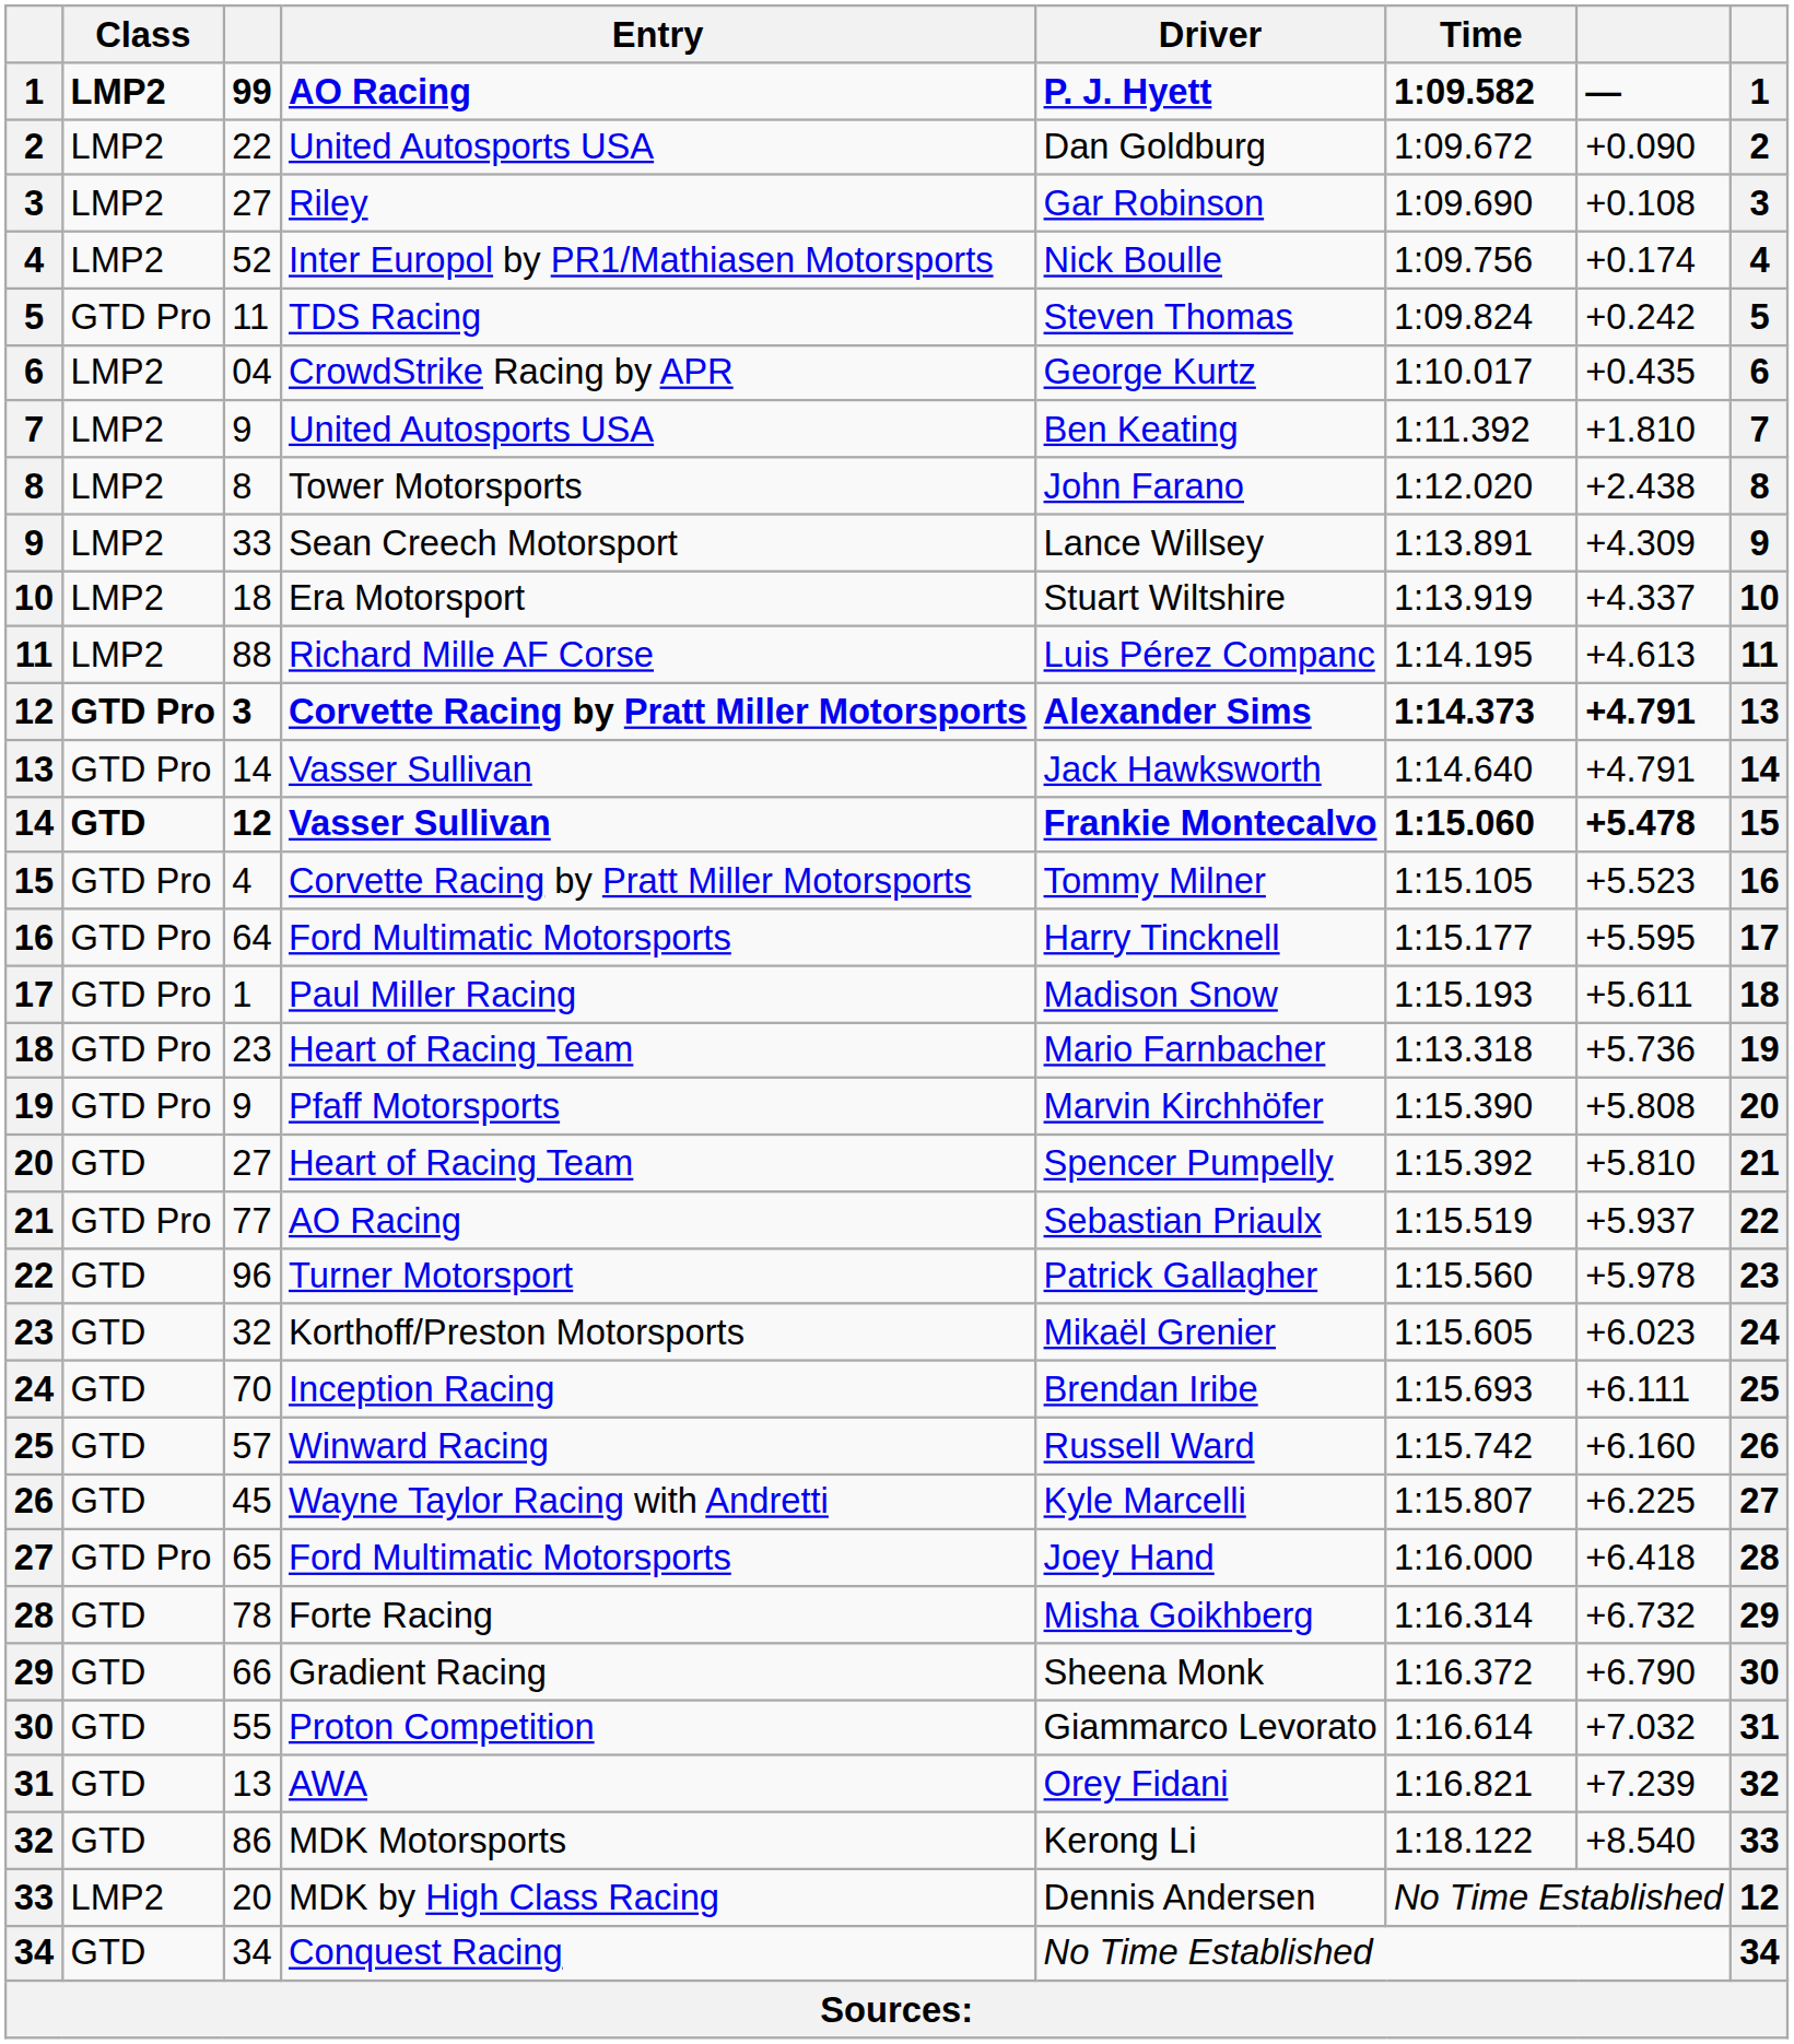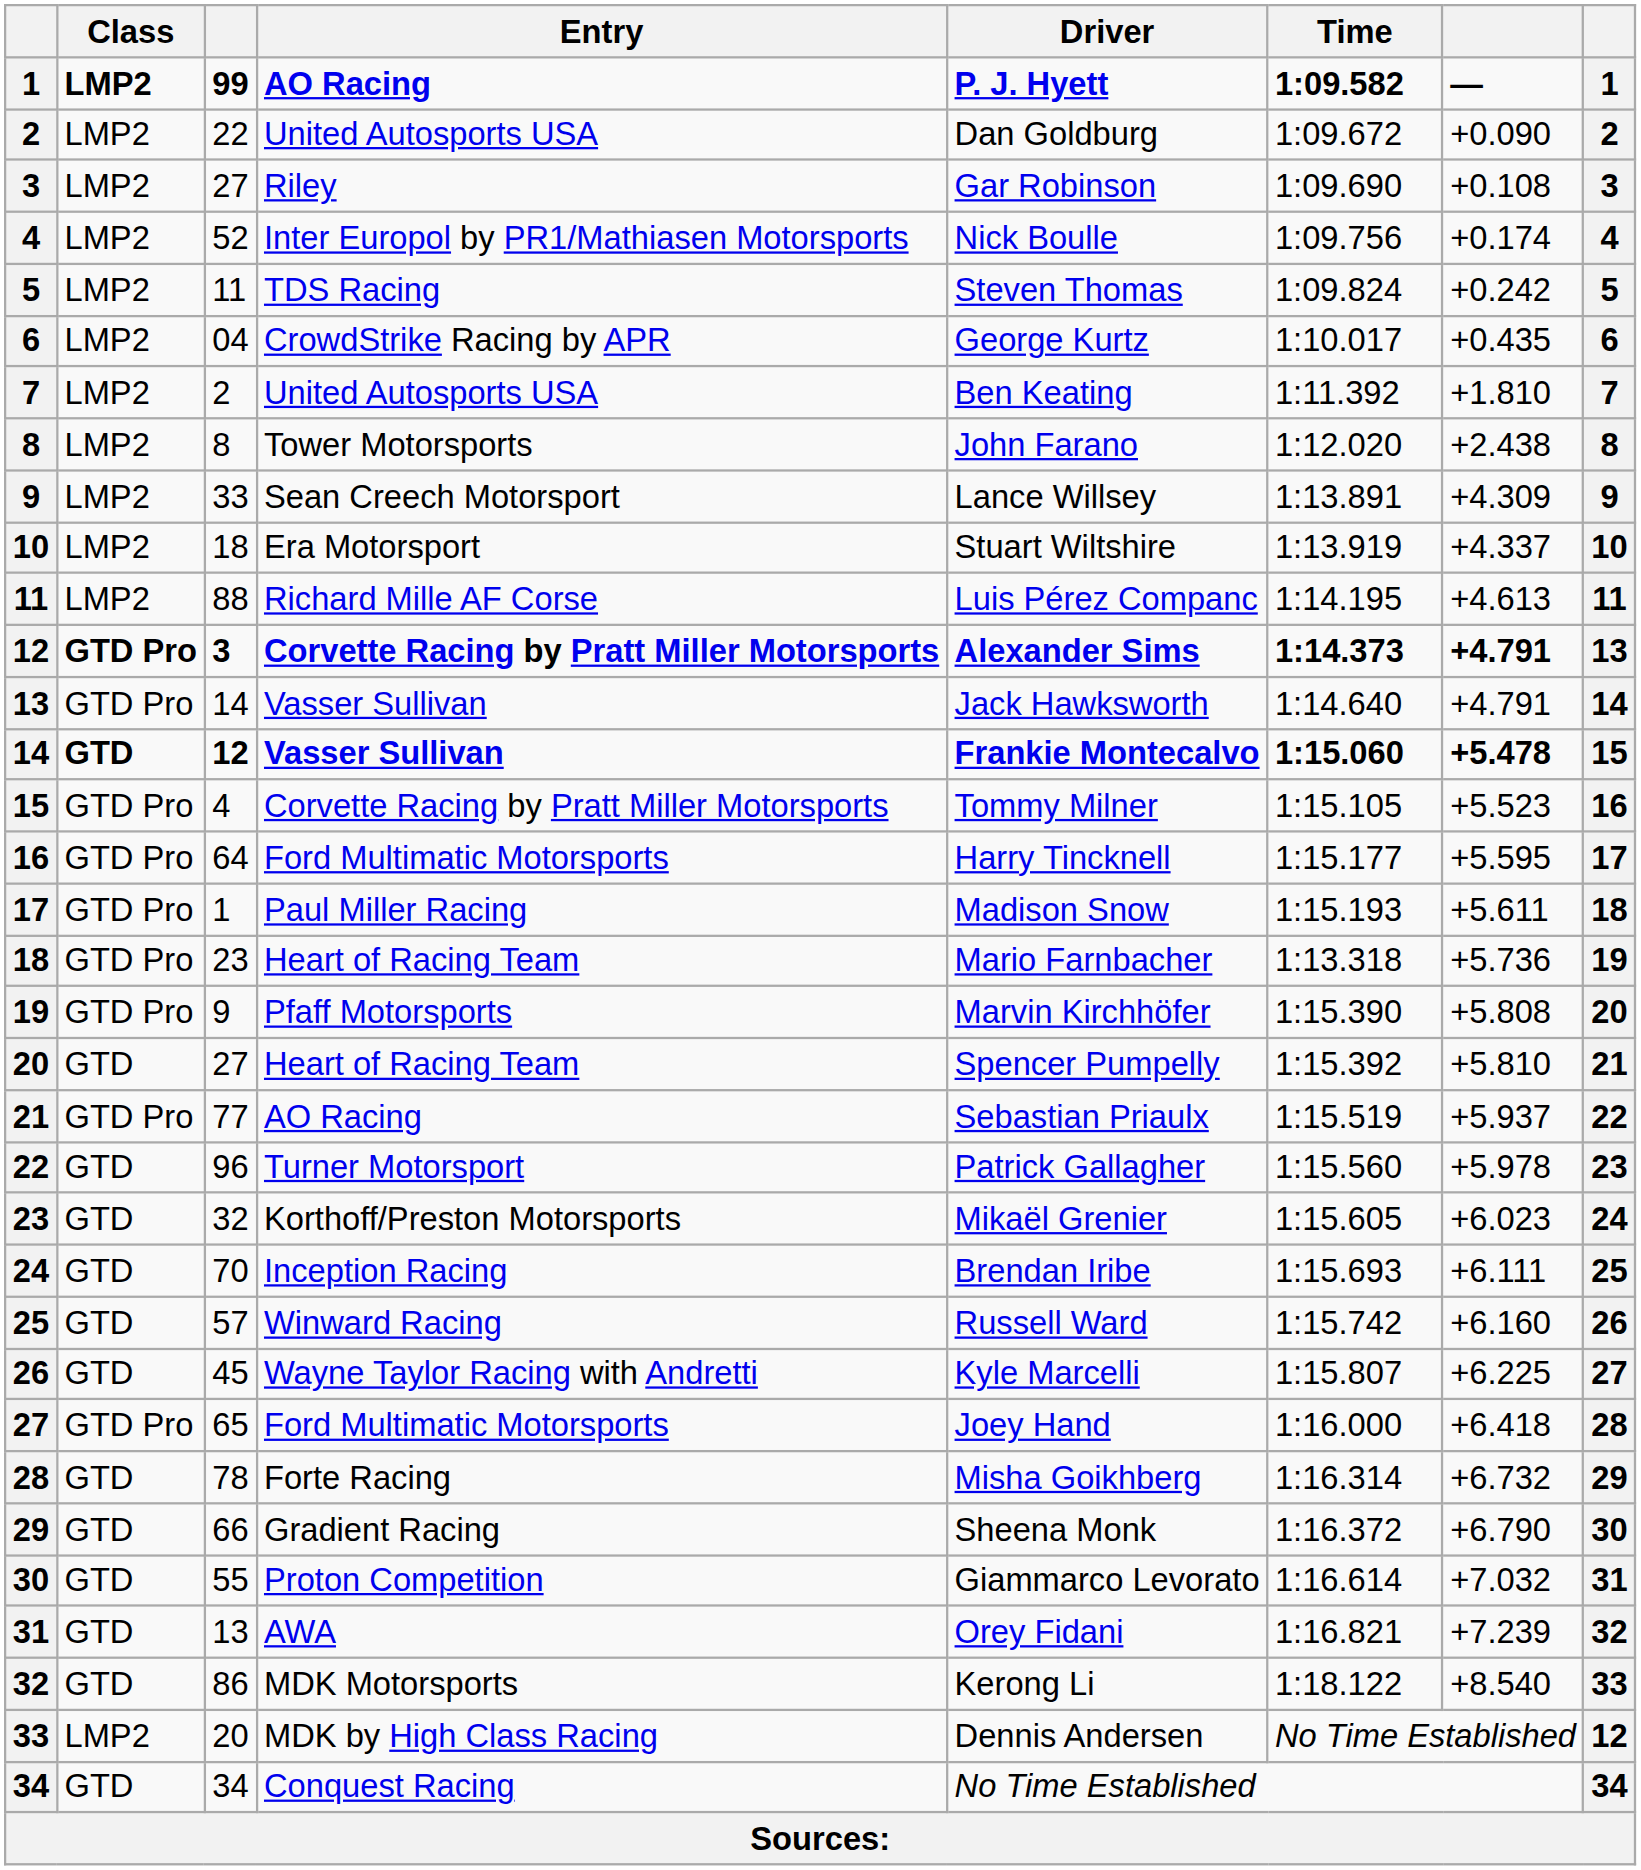 <table class="wikitable" style="font-size: 90%;">
 <tr>
 <th></th>
 <th>Class</th>
 <th></th>
 <th>Entry</th>
 <th>Driver</th>
 <th>Time</th>
 <th></th>
 <th></th>
 </tr>
 <tr style="font-weight:bold;">
 <th>1</th>
 <td>LMP2</td>
 <td>99</td>
 <td> <a href='#'>AO Racing</a></td>
 <td> <a href='#'>P. J. Hyett</a></td>
 <td>1:09.582</td>
 <td>—</td>
 <th>1</th>
 </tr>
 <tr>
 <th>2</th>
 <td>LMP2</td>
 <td>22</td>
 <td> <a href='#'>United Autosports USA</a></td>
 <td> Dan Goldburg</td>
 <td>1:09.672</td>
 <td>+0.090</td>
 <th>2</th>
 </tr>
 <tr>
 <th>3</th>
 <td>LMP2</td>
 <td>27</td>
 <td> <a href='#'>Riley</a></td>
 <td> <a href='#'>Gar Robinson</a></td>
 <td>1:09.690</td>
 <td>+0.108</td>
 <th>3</th>
 </tr>
 <tr>
 <th>4</th>
 <td>LMP2</td>
 <td>52</td>
 <td> <a href='#'>Inter Europol</a> by <a href='#'>PR1/Mathiasen Motorsports</a></td>
 <td> <a href='#'>Nick Boulle</a></td>
 <td>1:09.756</td>
 <td>+0.174</td>
 <th>4</th>
 </tr>
 <tr>
 <th>5</th>
-<td>GTD Pro</td>
+<td>LMP2</td>
 <td>11</td>
 <td> <a href='#'>TDS Racing</a></td>
 <td> <a href='#'>Steven Thomas</a></td>
 <td>1:09.824</td>
 <td>+0.242</td>
 <th>5</th>
 </tr>
 <tr>
 <th>6</th>
 <td>LMP2</td>
 <td>04</td>
 <td> <a href='#'>CrowdStrike</a> Racing by <a href='#'>APR</a></td>
 <td> <a href='#'>George Kurtz</a></td>
 <td>1:10.017</td>
 <td>+0.435</td>
 <th>6</th>
 </tr>
 <tr>
 <th>7</th>
 <td>LMP2</td>
-<td>9</td>
+<td>2</td>
 <td> <a href='#'>United Autosports USA</a></td>
 <td> <a href='#'>Ben Keating</a></td>
 <td>1:11.392</td>
 <td>+1.810</td>
 <th>7</th>
 </tr>
 <tr>
 <th>8</th>
 <td>LMP2</td>
 <td>8</td>
 <td> Tower Motorsports</td>
 <td> <a href='#'>John Farano</a></td>
 <td>1:12.020</td>
 <td>+2.438</td>
 <th>8</th>
 </tr>
 <tr>
 <th>9</th>
 <td>LMP2</td>
 <td>33</td>
 <td> Sean Creech Motorsport</td>
 <td> Lance Willsey</td>
 <td>1:13.891</td>
 <td>+4.309</td>
 <th>9</th>
 </tr>
 <tr>
 <th>10</th>
 <td>LMP2</td>
 <td>18</td>
 <td> Era Motorsport</td>
 <td> Stuart Wiltshire</td>
 <td>1:13.919</td>
 <td>+4.337</td>
 <th>10</th>
 </tr>
 <tr>
 <th>11</th>
 <td>LMP2</td>
 <td>88</td>
 <td> <a href='#'>Richard Mille AF Corse</a></td>
 <td> <a href='#'>Luis Pérez Companc</a></td>
 <td>1:14.195</td>
 <td>+4.613</td>
 <th>11</th>
 </tr>
 <tr style="font-weight:bold;">
 <th>12</th>
 <td>GTD Pro</td>
 <td>3</td>
 <td> <a href='#'>Corvette Racing</a> by <a href='#'>Pratt Miller Motorsports</a></td>
 <td> <a href='#'>Alexander Sims</a></td>
 <td>1:14.373</td>
 <td>+4.791</td>
 <th>13</th>
 </tr>
 <tr>
 <th>13</th>
 <td>GTD Pro</td>
 <td>14</td>
 <td> <a href='#'>Vasser Sullivan</a></td>
 <td> <a href='#'>Jack Hawksworth</a></td>
 <td>1:14.640</td>
 <td>+4.791</td>
 <th>14</th>
 </tr>
 <tr style="font-weight:bold;">
 <th>14</th>
 <td>GTD</td>
 <td>12</td>
 <td> <a href='#'>Vasser Sullivan</a></td>
 <td> <a href='#'>Frankie Montecalvo</a></td>
 <td>1:15.060</td>
 <td>+5.478</td>
 <th>15</th>
 </tr>
 <tr>
 <th>15</th>
 <td>GTD Pro</td>
 <td>4</td>
 <td> <a href='#'>Corvette Racing</a> by <a href='#'>Pratt Miller Motorsports</a></td>
 <td> <a href='#'>Tommy Milner</a></td>
 <td>1:15.105</td>
 <td>+5.523</td>
 <th>16</th>
 </tr>
 <tr>
 <th>16</th>
 <td>GTD Pro</td>
 <td>64</td>
 <td> <a href='#'>Ford Multimatic Motorsports</a></td>
 <td> <a href='#'>Harry Tincknell</a></td>
 <td>1:15.177</td>
 <td>+5.595</td>
 <th>17</th>
 </tr>
 <tr>
 <th>17</th>
 <td>GTD Pro</td>
 <td>1</td>
 <td> <a href='#'>Paul Miller Racing</a></td>
 <td> <a href='#'>Madison Snow</a></td>
 <td>1:15.193</td>
 <td>+5.611</td>
 <th>18</th>
 </tr>
 <tr>
 <th>18</th>
 <td>GTD Pro</td>
 <td>23</td>
 <td> <a href='#'>Heart of Racing Team</a></td>
 <td> <a href='#'>Mario Farnbacher</a></td>
 <td>1:13.318</td>
 <td>+5.736</td>
 <th>19</th>
 </tr>
 <tr>
 <th>19</th>
 <td>GTD Pro</td>
 <td>9</td>
 <td> <a href='#'>Pfaff Motorsports</a></td>
 <td> <a href='#'>Marvin Kirchhöfer</a></td>
 <td>1:15.390</td>
 <td>+5.808</td>
 <th>20</th>
 </tr>
 <tr>
 <th>20</th>
 <td>GTD</td>
 <td>27</td>
 <td> <a href='#'>Heart of Racing Team</a></td>
 <td> <a href='#'>Spencer Pumpelly</a></td>
 <td>1:15.392</td>
 <td>+5.810</td>
 <th>21</th>
 </tr>
 <tr>
 <th>21</th>
 <td>GTD Pro</td>
 <td>77</td>
 <td> <a href='#'>AO Racing</a></td>
 <td> <a href='#'>Sebastian Priaulx</a></td>
 <td>1:15.519</td>
 <td>+5.937</td>
 <th>22</th>
 </tr>
 <tr>
 <th>22</th>
 <td>GTD</td>
 <td>96</td>
 <td> <a href='#'>Turner Motorsport</a></td>
 <td> <a href='#'>Patrick Gallagher</a></td>
 <td>1:15.560</td>
 <td>+5.978</td>
 <th>23</th>
 </tr>
 <tr>
 <th>23</th>
 <td>GTD</td>
 <td>32</td>
 <td> Korthoff/Preston Motorsports</td>
 <td> <a href='#'>Mikaël Grenier</a></td>
 <td>1:15.605</td>
 <td>+6.023</td>
 <th>24</th>
 </tr>
 <tr>
 <th>24</th>
 <td>GTD</td>
 <td>70</td>
 <td> <a href='#'>Inception Racing</a></td>
 <td> <a href='#'>Brendan Iribe</a></td>
 <td>1:15.693</td>
 <td>+6.111</td>
 <th>25</th>
 </tr>
 <tr>
 <th>25</th>
 <td>GTD</td>
 <td>57</td>
 <td> <a href='#'>Winward Racing</a></td>
 <td> <a href='#'>Russell Ward</a></td>
 <td>1:15.742</td>
 <td>+6.160</td>
 <th>26</th>
 </tr>
 <tr>
 <th>26</th>
 <td>GTD</td>
 <td>45</td>
 <td> <a href='#'>Wayne Taylor Racing</a> with <a href='#'>Andretti</a></td>
 <td> <a href='#'>Kyle Marcelli</a></td>
 <td>1:15.807</td>
 <td>+6.225</td>
 <th>27</th>
 </tr>
 <tr>
 <th>27</th>
 <td>GTD Pro</td>
 <td>65</td>
 <td> <a href='#'>Ford Multimatic Motorsports</a></td>
 <td> <a href='#'>Joey Hand</a></td>
 <td>1:16.000</td>
 <td>+6.418</td>
 <th>28</th>
 </tr>
 <tr>
 <th>28</th>
 <td>GTD</td>
 <td>78</td>
 <td> Forte Racing</td>
 <td> <a href='#'>Misha Goikhberg</a></td>
 <td>1:16.314</td>
 <td>+6.732</td>
 <th>29</th>
 </tr>
 <tr>
 <th>29</th>
 <td>GTD</td>
 <td>66</td>
 <td> Gradient Racing</td>
 <td> Sheena Monk</td>
 <td>1:16.372</td>
 <td>+6.790</td>
 <th>30</th>
 </tr>
 <tr>
 <th>30</th>
 <td>GTD</td>
 <td>55</td>
 <td> <a href='#'>Proton Competition</a></td>
 <td> Giammarco Levorato</td>
 <td>1:16.614</td>
 <td>+7.032</td>
 <th>31</th>
 </tr>
 <tr>
 <th>31</th>
 <td>GTD</td>
 <td>13</td>
 <td> <a href='#'>AWA</a></td>
 <td> <a href='#'>Orey Fidani</a></td>
 <td>1:16.821</td>
 <td>+7.239</td>
 <th>32</th>
 </tr>
 <tr>
 <th>32</th>
 <td>GTD</td>
 <td>86</td>
 <td> MDK Motorsports</td>
 <td> Kerong Li</td>
 <td>1:18.122</td>
 <td>+8.540</td>
 <th>33</th>
 </tr>
 <tr>
 <th>33</th>
 <td>LMP2</td>
 <td>20</td>
 <td> MDK by <a href='#'>High Class Racing</a></td>
 <td> Dennis Andersen</td>
 <td colspan="2"><em>No Time Established</em></td>
 <th>12</th>
 </tr>
 <tr>
 <th>34</th>
 <td>GTD</td>
 <td>34</td>
 <td> <a href='#'>Conquest Racing</a></td>
 <td colspan="3"><em>No Time Established</em></td>
 <th>34</th>
 </tr>
 <tr>
 <th colspan="8">Sources:</th>
 </tr>
 </table>
